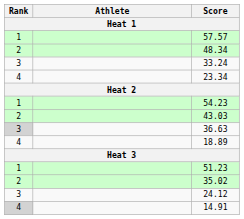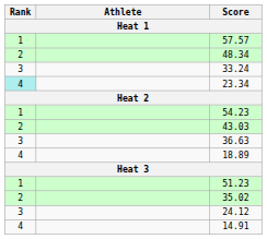 <table class=wikitable style="text-align:center">
 <tr>
 <th width=40>Rank</th>
 <th width=250>Athlete</th>
 <th width=70>Score</th>
 </tr>
 <tr>
 <th colspan=3>Heat 1</th>
 </tr>
 <tr bgcolor="ccffcc">
 <td>1</td>
 <td align=left></td>
 <td>57.57</td>
 </tr>
 <tr bgcolor="ccffcc">
 <td>2</td>
 <td align=left></td>
 <td>48.34</td>
 </tr>
 <tr>
 <td>3</td>
 <td align=left></td>
 <td>33.24</td>
 </tr>
 <tr>
-<td>4</td>
+<td style="background: paleturquoise;">4</td>
 <td align=left></td>
 <td>23.34</td>
 </tr>
 <tr>
 <th colspan=3>Heat 2</th>
 </tr>
 <tr bgcolor="ccffcc">
 <td>1</td>
 <td align=left></td>
 <td>54.23</td>
 </tr>
 <tr bgcolor="ccffcc">
 <td>2</td>
 <td align=left></td>
 <td>43.03</td>
 </tr>
 <tr>
-<td style="background: lightgrey;">3</td>
+<td>3</td>
 <td align=left></td>
 <td>36.63</td>
 </tr>
 <tr>
 <td>4</td>
 <td align=left></td>
 <td>18.89</td>
 </tr>
 <tr>
 <th colspan=3>Heat 3</th>
 </tr>
 <tr bgcolor="ccffcc">
 <td>1</td>
 <td align=left></td>
 <td>51.23</td>
 </tr>
 <tr bgcolor="ccffcc">
 <td>2</td>
 <td align=left></td>
 <td>35.02</td>
 </tr>
 <tr>
 <td>3</td>
 <td align=left></td>
 <td>24.12</td>
 </tr>
 <tr>
-<td style="background: lightgrey;">4</td>
+<td>4</td>
 <td align=left></td>
 <td>14.91</td>
 </tr>
 </table>
